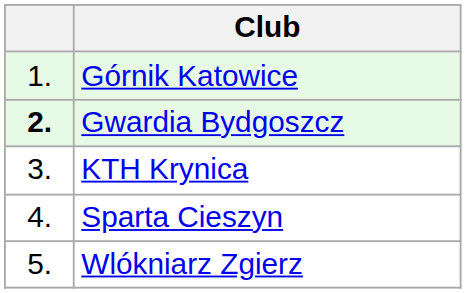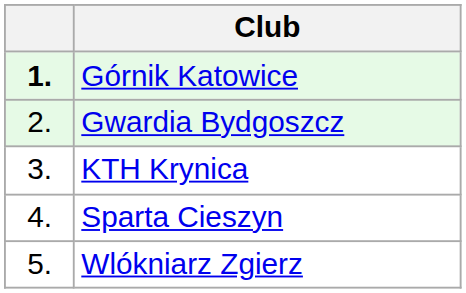 <table class="wikitable">
 <tr>
 <th width="30"></th>
 <th width="200">Club</th>
 </tr>
 <tr bgcolor="#e6fae6" align="center">
-<td>1.</td>
+<td><strong>1.</strong></td>
 <td align="left"><a href='#'>Górnik Katowice</a></td>
 </tr>
 <tr bgcolor="#e6fae6" align="center">
-<td><strong>2.</strong></td>
+<td>2.</td>
 <td align="left"><a href='#'>Gwardia Bydgoszcz</a></td>
 </tr>
 <tr bgcolor="#FFFFFF" align="center">
 <td>3.</td>
 <td align="left"><a href='#'>KTH Krynica</a></td>
 </tr>
 <tr bgcolor="#FFFFFF" align="center">
 <td>4.</td>
 <td align="left"><a href='#'>Sparta Cieszyn</a></td>
 </tr>
 <tr bgcolor="#FFFFFF" align="center">
 <td>5.</td>
 <td align="left"><a href='#'>Wlókniarz Zgierz</a></td>
 </tr>
 </table>
